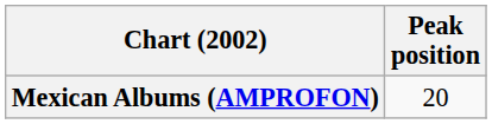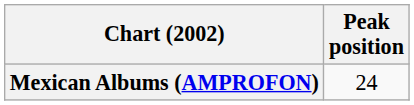 <table class="wikitable plainrowheaders" style="text-align:center;">
 <tr>
 <th>Chart (2002)</th>
 <th>Peak<br>position</th>
 </tr>
 <tr>
 <th scope="row">Mexican Albums (<a href='#'>AMPROFON</a>)</th>
-<td style="text-align:center;">20</td>
+<td style="text-align:center;">24</td>
 </tr>
 </table>
